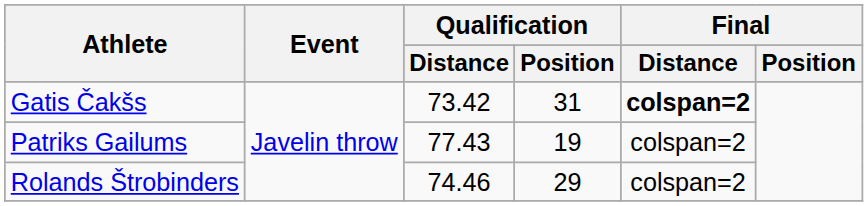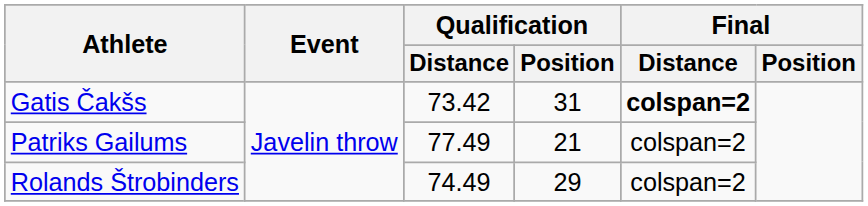 <table class=wikitable style=font-size:90%>
 <tr>
 <th rowspan=2>Athlete</th>
 <th rowspan=2>Event</th>
 <th colspan=2>Qualification</th>
 <th colspan=2>Final</th>
 </tr>
 <tr style=font-size:95%>
 <th>Distance</th>
 <th>Position</th>
 <th>Distance</th>
 <th>Position</th>
 </tr>
 <tr align=center>
 <td align=left><a href='#'>Gatis Čakšs</a></td>
 <td align=left rowspan=3><a href='#'>Javelin throw</a></td>
 <td>73.42</td>
 <td>31</td>
 <td><strong>colspan=2 </strong></td>
 </tr>
 <tr align=center>
 <td align=left><a href='#'>Patriks Gailums</a></td>
-<td>77.43</td>
-<td>19</td>
+<td>77.49</td>
+<td>21</td>
 <td>colspan=2 </td>
 </tr>
 <tr align=center>
 <td align=left><a href='#'>Rolands Štrobinders</a></td>
-<td>74.46</td>
+<td>74.49</td>
 <td>29</td>
 <td>colspan=2 </td>
 </tr>
 </table>
